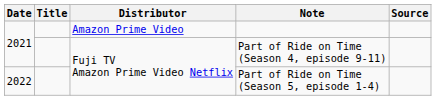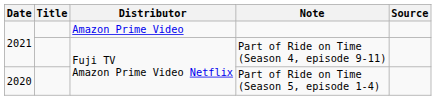 <table class="wikitable">
 <tr>
 <th>Date</th>
 <th>Title</th>
 <th>Distributor</th>
 <th>Note</th>
 <th>Source</th>
 </tr>
 <tr>
 <td rowspan="2">2021</td>
 <td></td>
 <td><a href='#'>Amazon Prime Video</a></td>
 <td></td>
 <td></td>
 </tr>
 <tr>
 <td></td>
 <td rowspan="2">Fuji TV<br>Amazon Prime Video <a href='#'>Netflix</a></td>
 <td>Part of Ride on Time<br>(Season 4, episode 9-11)</td>
 <td></td>
 </tr>
 <tr>
-<td>2022</td>
+<td>2020</td>
 <td></td>
 <td>Part of Ride on Time<br>(Season 5, episode 1-4)</td>
 <td></td>
 </tr>
 </table>
